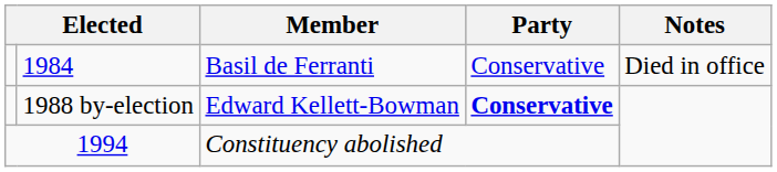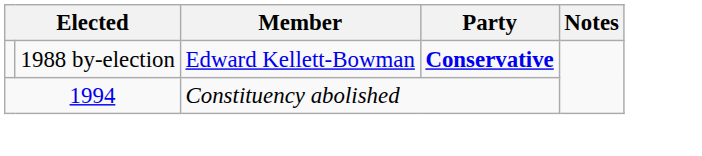 <table class="wikitable">
 <tr>
 <th colspan = "2">Elected</th>
 <th>Member</th>
 <th>Party</th>
 <th>Notes</th>
-</tr>
-<tr>
-<td style="background-color: "></td>
-<td><a href='#'>1984</a></td>
-<td><a href='#'>Basil de Ferranti</a></td>
-<td><a href='#'>Conservative</a></td>
-<td>Died in office</td>
 </tr>
 <tr>
 <td style="background-color: "></td>
 <td>1988 by-election</td>
 <td><a href='#'>Edward Kellett-Bowman</a></td>
 <td><strong><a href='#'>Conservative</a></strong></td>
 </tr>
 <tr>
 <td colspan="2" align="center"><a href='#'>1994</a></td>
 <td colspan="2"><em>Constituency abolished</em></td>
 </tr>
 </table>
